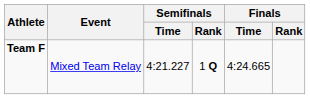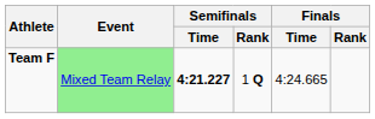 <table class="wikitable" style="font-size:90%;">
 <tr>
 <th rowspan=2>Athlete</th>
 <th rowspan=2>Event</th>
 <th colspan=2>Semifinals</th>
 <th colspan=2>Finals</th>
 </tr>
 <tr>
 <th>Time</th>
 <th>Rank</th>
 <th>Time</th>
 <th>Rank</th>
 </tr>
 <tr>
 <td><strong>Team F</strong><br><br><br><br></td>
-<td><a href='#'>Mixed Team Relay</a></td>
-<td align=center>4:21.227</td>
+<td style="background: lightgreen;"><a href='#'>Mixed Team Relay</a></td>
+<td align=center><strong>4:21.227</strong></td>
 <td align=center>1 <strong>Q</strong></td>
 <td align=center>4:24.665</td>
 <td align=center></td>
 </tr>
 </table>
